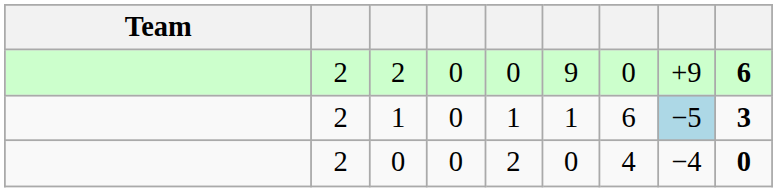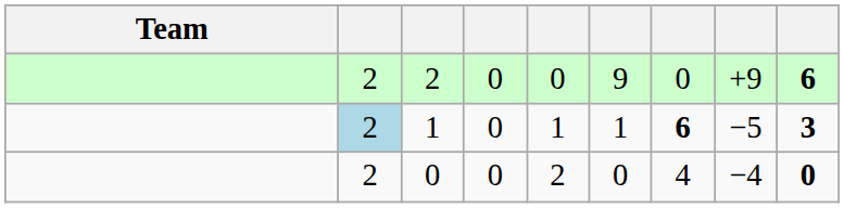 <table class=wikitable style="text-align:center">
 <tr>
 <th width=165>Team</th>
 <th width=25></th>
 <th width=25></th>
 <th width=25></th>
 <th width=25></th>
 <th width=25></th>
 <th width=25></th>
 <th width=25></th>
 <th width=25></th>
 </tr>
 <tr style="background:#ccffcc">
 <td style="text-align:left"></td>
 <td>2</td>
 <td>2</td>
 <td>0</td>
 <td>0</td>
 <td>9</td>
 <td>0</td>
 <td>+9</td>
 <td><strong>6</strong></td>
 </tr>
 <tr>
 <td style="text-align:left"></td>
-<td>2</td>
+<td style="background: lightblue;">2</td>
 <td>1</td>
 <td>0</td>
 <td>1</td>
 <td>1</td>
-<td>6</td>
-<td style="background: lightblue;">−5</td>
+<td><strong>6</strong></td>
+<td>−5</td>
 <td><strong>3</strong></td>
 </tr>
 <tr>
 <td style="text-align:left"></td>
 <td>2</td>
 <td>0</td>
 <td>0</td>
 <td>2</td>
 <td>0</td>
 <td>4</td>
 <td>−4</td>
 <td><strong>0</strong></td>
 </tr>
 </table>
